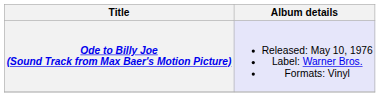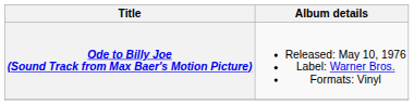 <table class="wikitable plainrowheaders" style="text-align:center;">
 <tr>
 <th scope="col">Title</th>
 <th scope="col">Album details</th>
 </tr>
 <tr>
 <th scope="row"><em><a href='#'>Ode to Billy Joe<br>(Sound Track from Max Baer's Motion Picture)</a></em></th>
-<td style="background: lavender;"><br><ul><li>Released: May 10, 1976</li><li>Label: <a href='#'>Warner Bros.</a> </li><li>Formats: Vinyl</li></ul></td>
+<td><br><ul><li>Released: May 10, 1976</li><li>Label: <a href='#'>Warner Bros.</a> </li><li>Formats: Vinyl</li></ul></td>
 </tr>
 <tr>
 </tr>
 </table>
